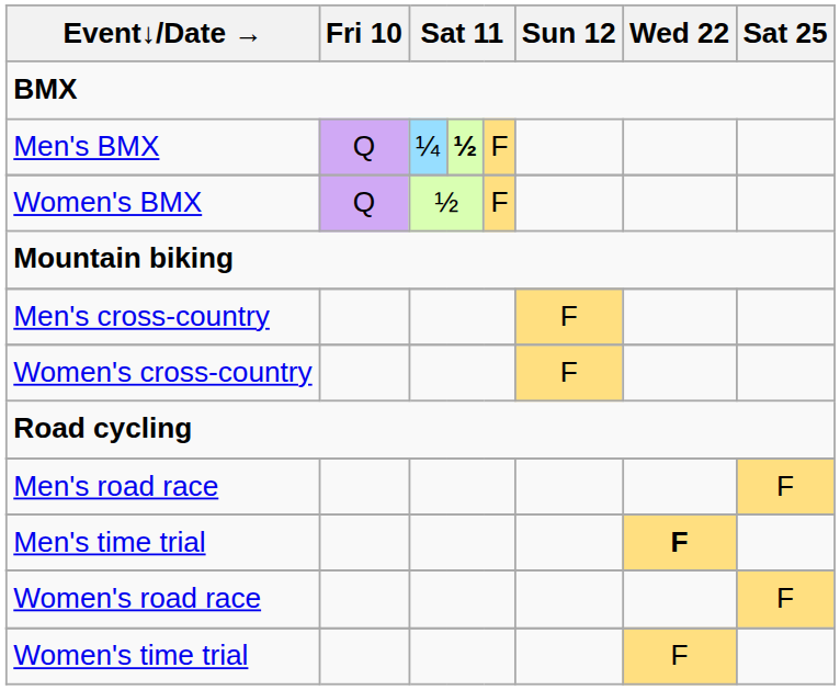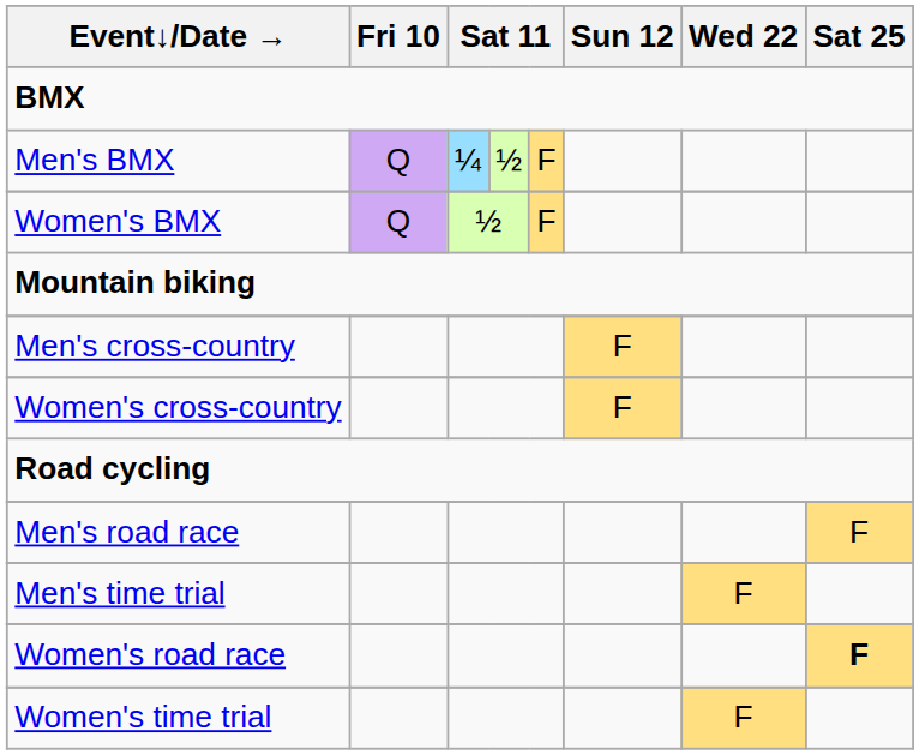 <table class="wikitable" style="margin:0.5em auto; font-size:90%; line-height:1.5em;">
 <tr style="text-align:center;">
 <th>Event↓/Date →</th>
 <th>Fri 10</th>
 <th colspan="3">Sat 11</th>
 <th>Sun 12</th>
 <th>Wed 22</th>
 <th>Sat 25</th>
 </tr>
 <tr>
 <td colspan="10"><strong>BMX</strong></td>
 </tr>
 <tr style="text-align:center;">
 <td style="text-align:left;"><a href='#'>Men's BMX</a></td>
 <td style="background-color:#D0A9F5;">Q</td>
 <td style="background-color:#97DEFF;">¼</td>
-<td style="background-color:#D9FFB2;"><strong>½</strong></td>
+<td style="background-color:#D9FFB2;">½</td>
 <td style="background-color:#FFDF80;">F</td>
 <td></td>
 <td></td>
 <td></td>
 </tr>
 <tr>
 </tr>
 <tr style="text-align:center;">
 <td style="text-align:left;"><a href='#'>Women's BMX</a></td>
 <td style="background-color:#D0A9F5;">Q</td>
 <td colspan="2" style="background-color:#D9FFB2;">½</td>
 <td style="background-color:#FFDF80;">F</td>
 <td></td>
 <td></td>
 <td></td>
 </tr>
 <tr>
 <td colspan="10"><strong>Mountain biking</strong></td>
 </tr>
 <tr>
 </tr>
 <tr style="text-align:center;">
 <td style="text-align:left;"><a href='#'>Men's cross-country</a></td>
 <td></td>
 <td colspan="3"></td>
 <td style="background-color:#FFDF80;">F</td>
 <td></td>
 <td></td>
 </tr>
 <tr>
 </tr>
 <tr style="text-align:center;">
 <td style="text-align:left;"><a href='#'>Women's cross-country</a></td>
 <td></td>
 <td colspan="3"></td>
 <td style="background-color:#FFDF80;">F</td>
 <td></td>
 <td></td>
 </tr>
 <tr>
 <td colspan="10"><strong>Road cycling</strong></td>
 </tr>
 <tr>
 </tr>
 <tr style="text-align:center;">
 <td style="text-align:left;"><a href='#'>Men's road race</a></td>
 <td></td>
 <td colspan="3"></td>
 <td></td>
 <td></td>
 <td style="background-color:#FFDF80;">F</td>
 </tr>
 <tr>
 </tr>
 <tr style="text-align:center;">
 <td style="text-align:left;"><a href='#'>Men's time trial</a></td>
 <td></td>
 <td colspan="3"></td>
 <td></td>
-<td style="background-color:#FFDF80;"><strong>F</strong></td>
+<td style="background-color:#FFDF80;">F</td>
 <td></td>
 </tr>
 <tr>
 </tr>
 <tr style="text-align:center;">
 <td style="text-align:left;"><a href='#'>Women's road race</a></td>
 <td></td>
 <td colspan="3"></td>
 <td></td>
 <td></td>
-<td style="background-color:#FFDF80;">F</td>
+<td style="background-color:#FFDF80;"><strong>F</strong></td>
 </tr>
 <tr>
 </tr>
 <tr style="text-align:center;">
 <td style="text-align:left;"><a href='#'>Women's time trial</a></td>
 <td></td>
 <td colspan="3"></td>
 <td></td>
 <td style="background-color:#FFDF80;">F</td>
 <td></td>
 </tr>
 </table>
